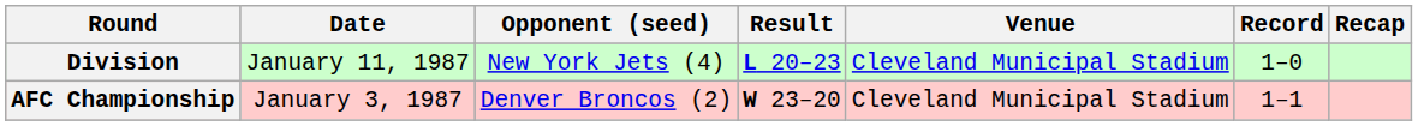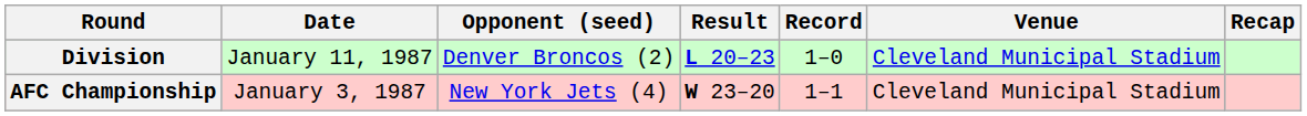 <table class="wikitable" style="text-align:center">
 <tr>
 <th>Round</th>
 <th>Date</th>
 <th>Opponent (seed)</th>
 <th>Result</th>
+<th>Record</th>
 <th>Venue</th>
-<th>Record</th>
 <th>Recap</th>
 </tr>
 <tr style="background:#cfc">
 <th>Division</th>
 <td>January 11, 1987</td>
-<td><a href='#'>New York Jets</a> (4)</td>
+<td><a href='#'>Denver Broncos</a> (2)</td>
 <td><a href='#'><strong>L</strong> 20–23</a></td>
+<td>1–0</td>
 <td><a href='#'>Cleveland Municipal Stadium</a></td>
-<td>1–0</td>
 <td></td>
 </tr>
 <tr style="background:#fcc">
 <th>AFC Championship</th>
 <td>January 3, 1987</td>
-<td><a href='#'>Denver Broncos</a> (2)</td>
+<td><a href='#'>New York Jets</a> (4)</td>
 <td><strong>W</strong> 23–20</td>
+<td>1–1</td>
 <td>Cleveland Municipal Stadium</td>
-<td>1–1</td>
 <td></td>
 </tr>
 </table>
